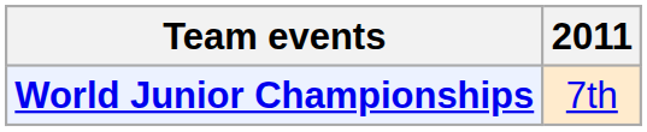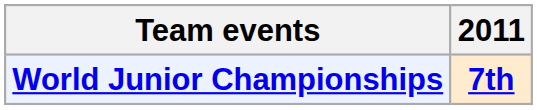 <table style='font-size: 90%; text-align:center;' class='wikitable'>
 <tr>
 <th>Team events</th>
 <th>2011</th>
 </tr>
 <tr>
 <td bgcolor="#ECF2FF"; align="left"><strong><a href='#'>World Junior Championships</a></strong></td>
-<td bgcolor=FFEBCD><a href='#'>7th</a></td>
+<td bgcolor=FFEBCD><strong><a href='#'>7th</a></strong></td>
 </tr>
 </table>
